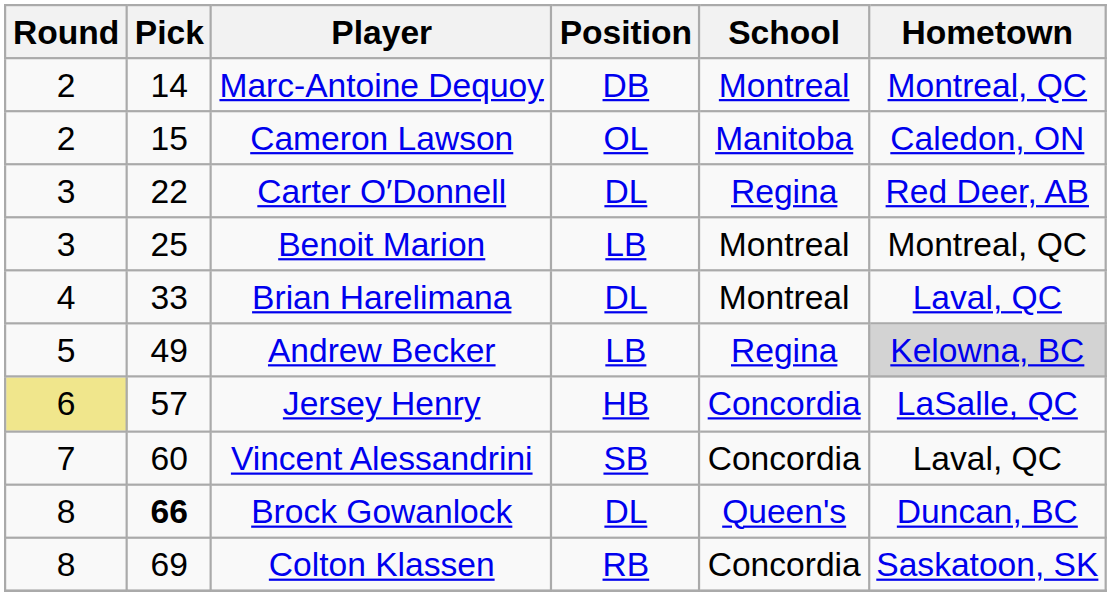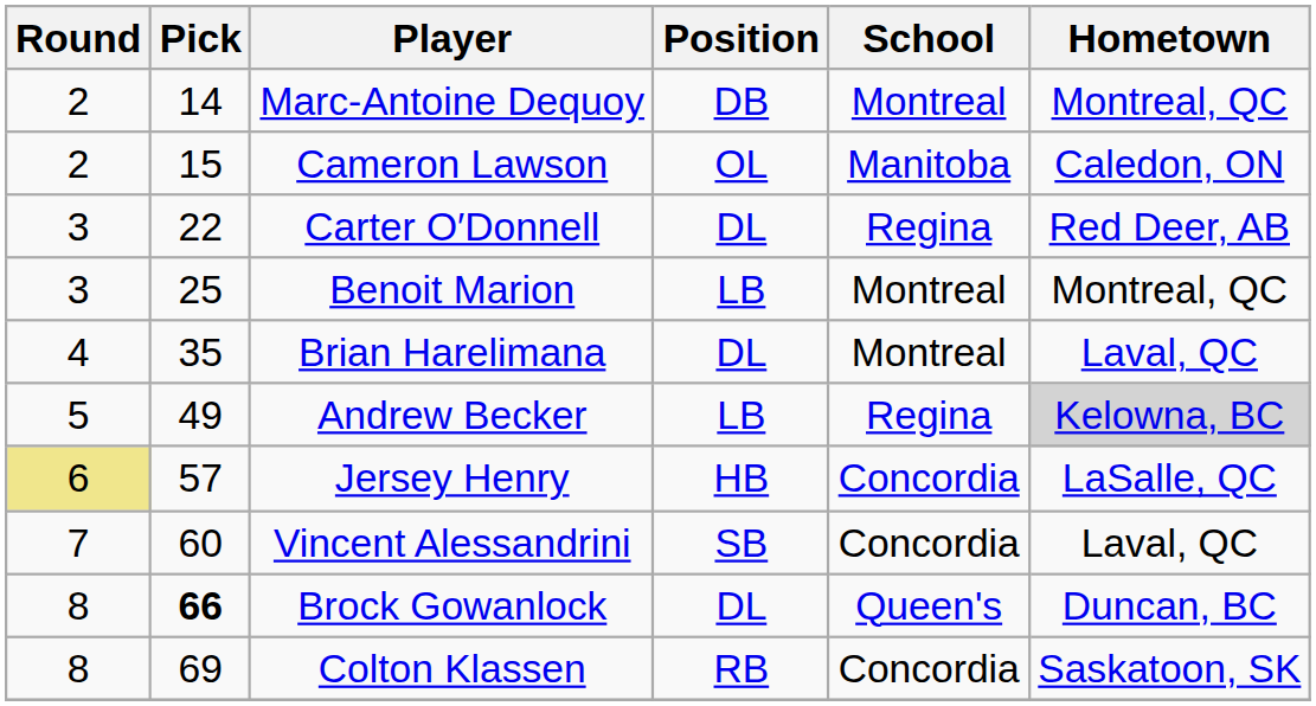 <table class="wikitable" style="font-size: 95%;">
 <tr>
 <th scope="col">Round</th>
 <th scope="col">Pick</th>
 <th scope="col">Player</th>
 <th scope="col">Position</th>
 <th scope="col">School</th>
 <th scope="col">Hometown</th>
 </tr>
 <tr align="center">
 <td align=center>2</td>
 <td>14</td>
 <td><a href='#'>Marc-Antoine Dequoy</a></td>
 <td><a href='#'>DB</a></td>
 <td><a href='#'>Montreal</a></td>
 <td><a href='#'>Montreal, QC</a></td>
 </tr>
 <tr align="center">
 <td align=center>2</td>
 <td>15</td>
 <td><a href='#'>Cameron Lawson</a></td>
 <td><a href='#'>OL</a></td>
 <td><a href='#'>Manitoba</a></td>
 <td><a href='#'>Caledon, ON</a></td>
 </tr>
 <tr align="center">
 <td align=center>3</td>
 <td>22</td>
 <td><a href='#'>Carter O′Donnell</a></td>
 <td><a href='#'>DL</a></td>
 <td><a href='#'>Regina</a></td>
 <td><a href='#'>Red Deer, AB</a></td>
 </tr>
 <tr align="center">
 <td align=center>3</td>
 <td>25</td>
 <td><a href='#'>Benoit Marion</a></td>
 <td><a href='#'>LB</a></td>
 <td>Montreal</td>
 <td>Montreal, QC</td>
 </tr>
 <tr align="center">
 <td align=center>4</td>
-<td>33</td>
+<td>35</td>
 <td><a href='#'>Brian Harelimana</a></td>
 <td><a href='#'>DL</a></td>
 <td>Montreal</td>
 <td><a href='#'>Laval, QC</a></td>
 </tr>
 <tr align="center">
 <td align=center>5</td>
 <td>49</td>
 <td><a href='#'>Andrew Becker</a></td>
 <td><a href='#'>LB</a></td>
 <td><a href='#'>Regina</a></td>
 <td style="background: lightgrey;"><a href='#'>Kelowna, BC</a></td>
 </tr>
 <tr align="center">
 <td align=center style="background: khaki;">6</td>
 <td>57</td>
 <td><a href='#'>Jersey Henry</a></td>
 <td><a href='#'>HB</a></td>
 <td><a href='#'>Concordia</a></td>
 <td><a href='#'>LaSalle, QC</a></td>
 </tr>
 <tr align="center">
 <td align=center>7</td>
 <td>60</td>
 <td><a href='#'>Vincent Alessandrini</a></td>
 <td><a href='#'>SB</a></td>
 <td>Concordia</td>
 <td>Laval, QC</td>
 </tr>
 <tr align="center">
 <td align=center>8</td>
 <td><strong>66</strong></td>
 <td><a href='#'>Brock Gowanlock</a></td>
 <td><a href='#'>DL</a></td>
 <td><a href='#'>Queen's</a></td>
 <td><a href='#'>Duncan, BC</a></td>
 </tr>
 <tr align="center">
 <td align=center>8</td>
 <td>69</td>
 <td><a href='#'>Colton Klassen</a></td>
 <td><a href='#'>RB</a></td>
 <td>Concordia</td>
 <td><a href='#'>Saskatoon, SK</a></td>
 </tr>
 <tr>
 </tr>
 </table>
